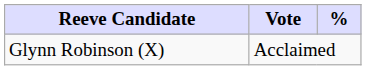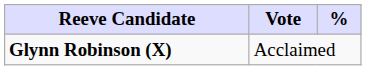 <table class="wikitable">
 <tr>
 <th style="background:#ddf; width:200px;">Reeve Candidate</th>
 <th style="background:#ddf; width:50px;">Vote</th>
 <th style="background:#ddf; width:30px;">%</th>
 </tr>
 <tr>
-<td>Glynn Robinson (X)</td>
+<td><strong>Glynn Robinson (X)</strong></td>
 <td colspan="2">Acclaimed</td>
 </tr>
 </table>
